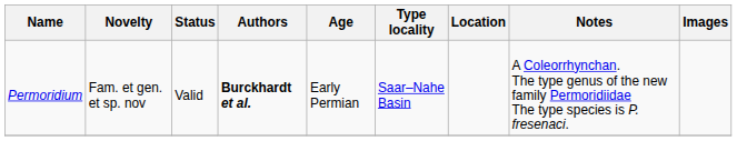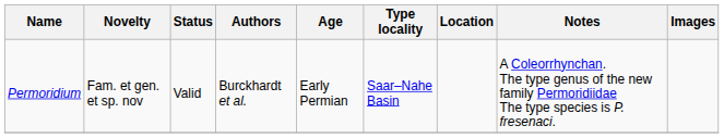 <table class="wikitable sortable" align="center" width="100%">
 <tr>
 <th>Name</th>
 <th>Novelty</th>
 <th>Status</th>
 <th>Authors</th>
 <th>Age</th>
 <th>Type locality</th>
 <th>Location</th>
 <th>Notes</th>
 <th>Images</th>
 </tr>
 <tr>
 <td><br><em><a href='#'>Permoridium</a></em></td>
 <td><br>Fam. et gen. et sp. nov</td>
 <td><br>Valid</td>
-<td><strong><br>Burckhardt <em>et al.</em></strong></td>
+<td><br>Burckhardt <em>et al.</em></td>
 <td><br>Early Permian</td>
 <td><br><a href='#'>Saar–Nahe Basin</a></td>
 <td><br></td>
 <td><br>A <a href='#'>Coleorrhynchan</a>.<br> The type genus of the new family <a href='#'>Permoridiidae</a><br> The type species is <em>P. fresenaci</em>.</td>
 <td></td>
 </tr>
 <tr>
 </tr>
 </table>
